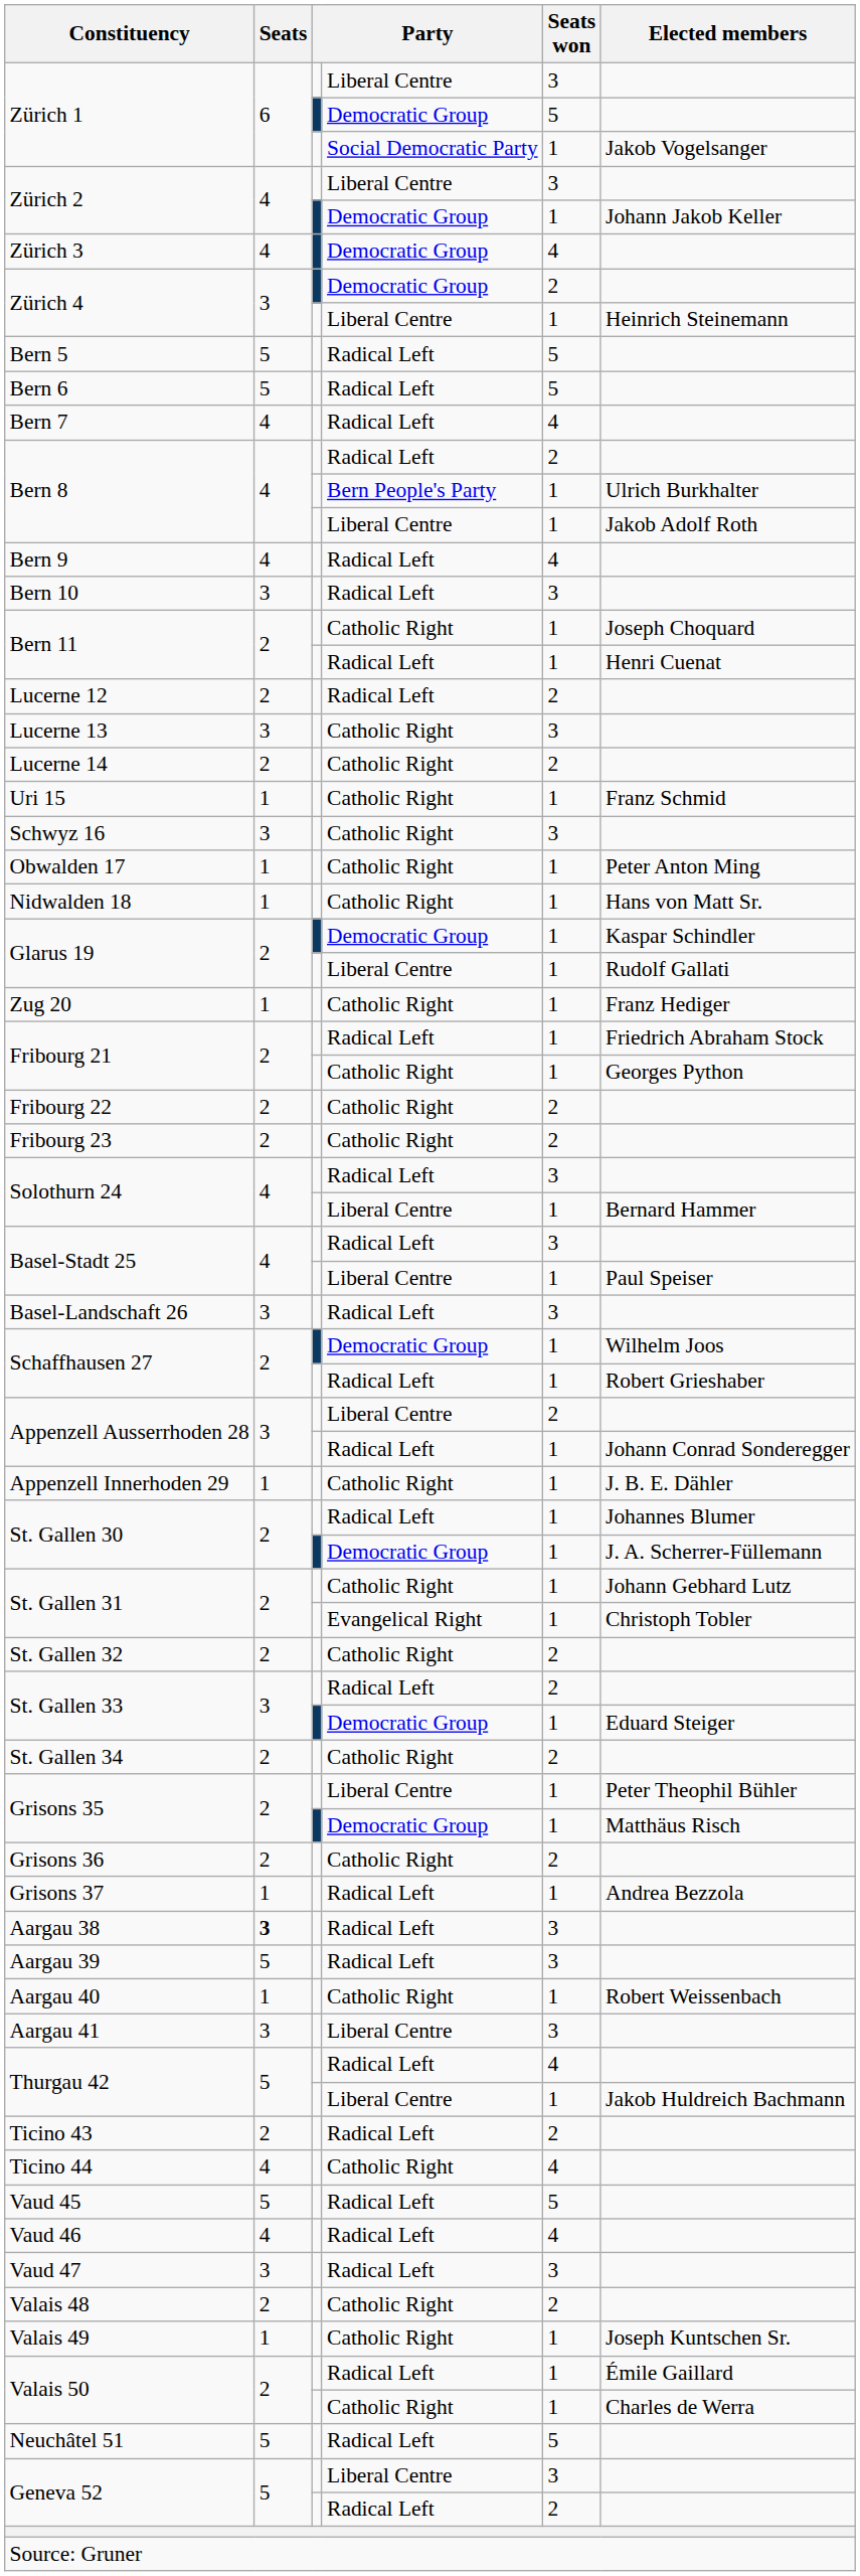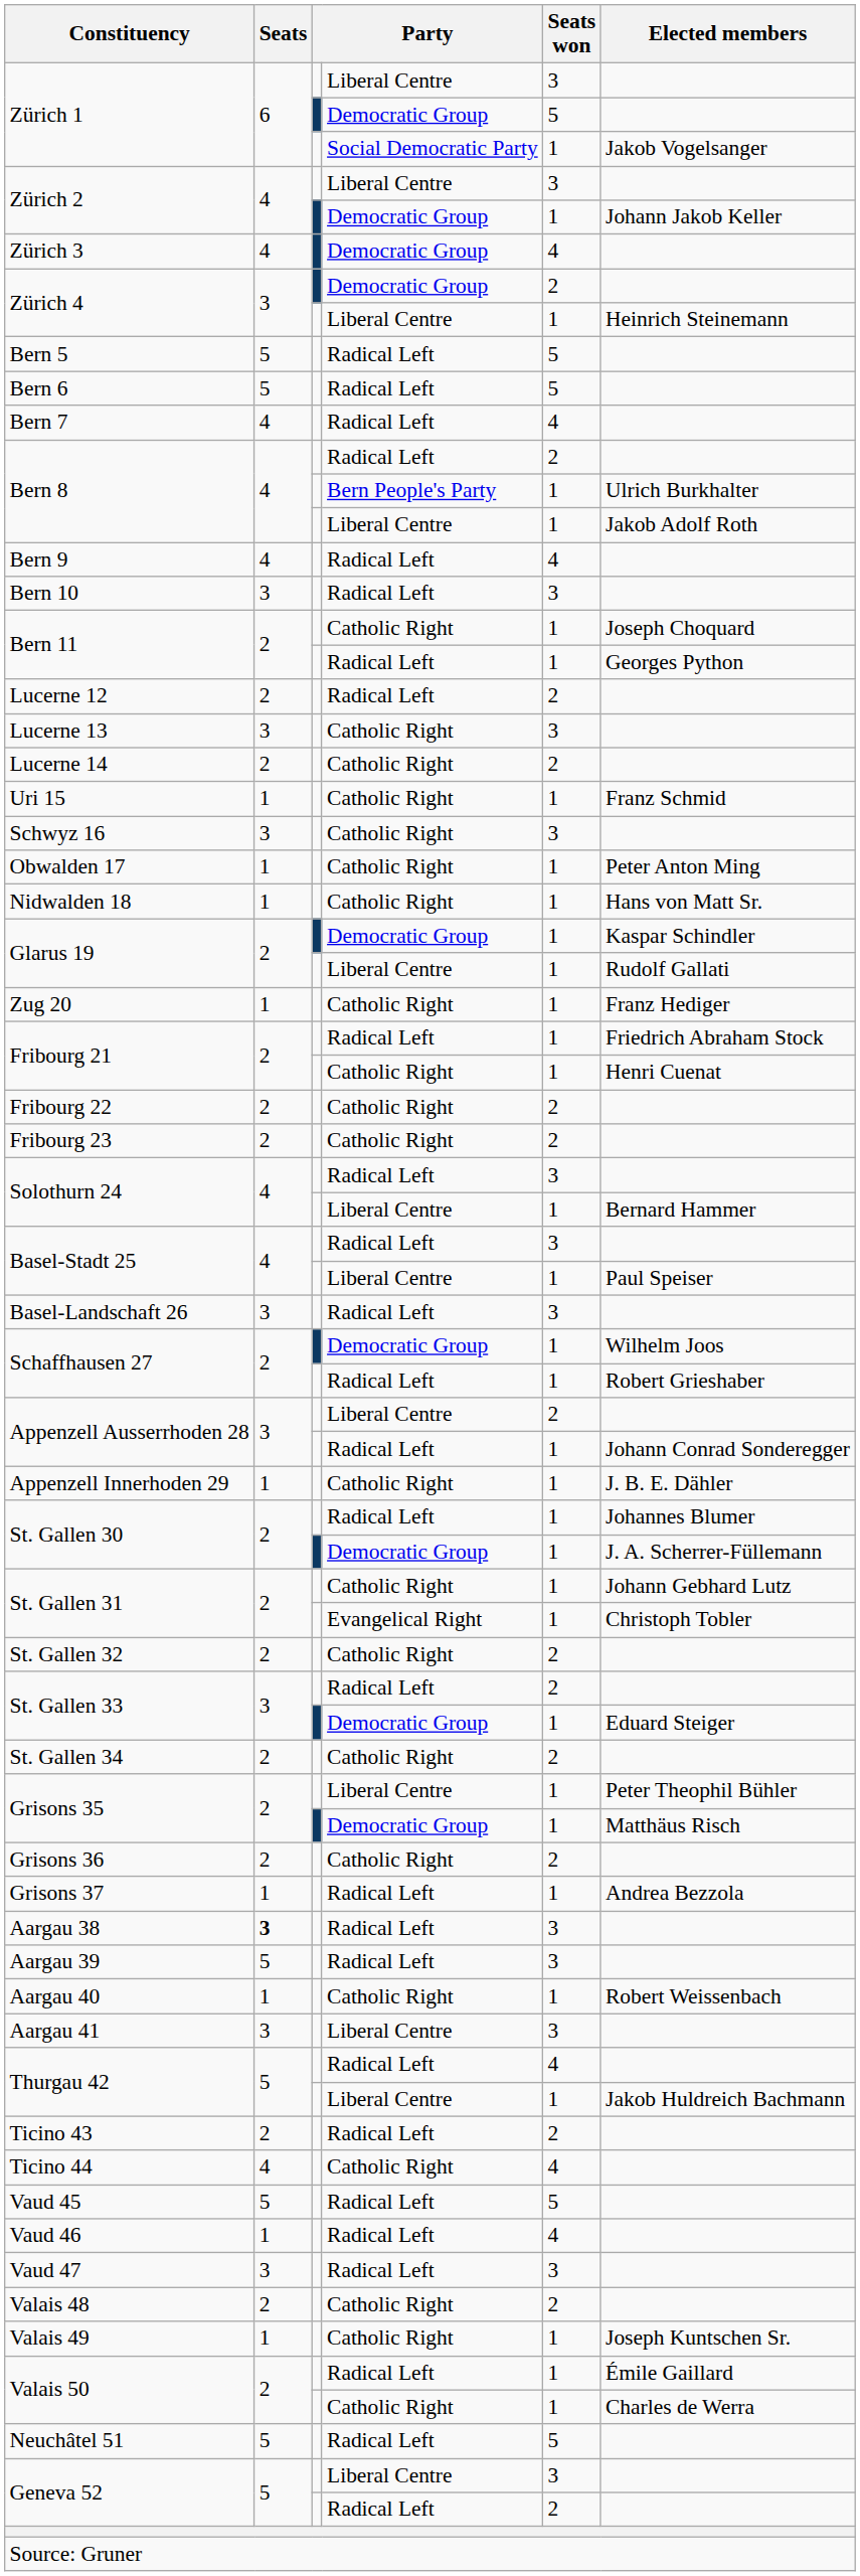 <table class="wikitable">
 <tr>
 <th>Constituency</th>
 <th>Seats</th>
 <th colspan="2">Party</th>
 <th>Seats<br>won</th>
 <th>Elected members</th>
 </tr>
 <tr>
 <td rowspan="3">Zürich 1</td>
 <td rowspan="3">6</td>
 <td style="color:inherit;background:"></td>
 <td>Liberal Centre</td>
 <td>3</td>
 <td></td>
 </tr>
 <tr>
 <td style="color:inherit;background:#0B3861"></td>
 <td><a href='#'>Democratic Group</a></td>
 <td>5</td>
 <td></td>
 </tr>
 <tr>
 <td style="color:inherit;background:"></td>
 <td><a href='#'>Social Democratic Party</a></td>
 <td>1</td>
 <td>Jakob Vogelsanger</td>
 </tr>
 <tr>
 <td rowspan="2">Zürich 2</td>
 <td rowspan="2">4</td>
 <td style="color:inherit;background:"></td>
 <td>Liberal Centre</td>
 <td>3</td>
 <td></td>
 </tr>
 <tr>
 <td style="color:inherit;background:#0B3861"></td>
 <td><a href='#'>Democratic Group</a></td>
 <td>1</td>
 <td>Johann Jakob Keller</td>
 </tr>
 <tr>
 <td>Zürich 3</td>
 <td>4</td>
 <td style="color:inherit;background:#0B3861"></td>
 <td><a href='#'>Democratic Group</a></td>
 <td>4</td>
 <td></td>
 </tr>
 <tr>
 <td rowspan="2">Zürich 4</td>
 <td rowspan="2">3</td>
 <td style="color:inherit;background:#0B3861"></td>
 <td><a href='#'>Democratic Group</a></td>
 <td>2</td>
 <td></td>
 </tr>
 <tr>
 <td style="color:inherit;background:"></td>
 <td>Liberal Centre</td>
 <td>1</td>
 <td>Heinrich Steinemann</td>
 </tr>
 <tr>
 <td>Bern 5</td>
 <td>5</td>
 <td style="color:inherit;background:"></td>
 <td>Radical Left</td>
 <td>5</td>
 <td></td>
 </tr>
 <tr>
 <td>Bern 6</td>
 <td>5</td>
 <td style="color:inherit;background:"></td>
 <td>Radical Left</td>
 <td>5</td>
 <td></td>
 </tr>
 <tr>
 <td>Bern 7</td>
 <td>4</td>
 <td style="color:inherit;background:"></td>
 <td>Radical Left</td>
 <td>4</td>
 <td></td>
 </tr>
 <tr>
 <td rowspan="3">Bern 8</td>
 <td rowspan="3">4</td>
 <td style="color:inherit;background:"></td>
 <td>Radical Left</td>
 <td>2</td>
 <td></td>
 </tr>
 <tr>
 <td style="color:inherit;background:"></td>
 <td><a href='#'>Bern People's Party</a></td>
 <td>1</td>
 <td>Ulrich Burkhalter</td>
 </tr>
 <tr>
 <td style="color:inherit;background:"></td>
 <td>Liberal Centre</td>
 <td>1</td>
 <td>Jakob Adolf Roth</td>
 </tr>
 <tr>
 <td>Bern 9</td>
 <td>4</td>
 <td style="color:inherit;background:"></td>
 <td>Radical Left</td>
 <td>4</td>
 <td></td>
 </tr>
 <tr>
 <td>Bern 10</td>
 <td>3</td>
 <td style="color:inherit;background:"></td>
 <td>Radical Left</td>
 <td>3</td>
 <td></td>
 </tr>
 <tr>
 <td rowspan="2">Bern 11</td>
 <td rowspan="2">2</td>
 <td style="color:inherit;background:"></td>
 <td>Catholic Right</td>
 <td>1</td>
 <td>Joseph Choquard</td>
 </tr>
 <tr>
 <td style="color:inherit;background:"></td>
 <td>Radical Left</td>
 <td>1</td>
-<td>Henri Cuenat</td>
+<td>Georges Python</td>
 </tr>
 <tr>
 <td>Lucerne 12</td>
 <td>2</td>
 <td style="color:inherit;background:"></td>
 <td>Radical Left</td>
 <td>2</td>
 <td></td>
 </tr>
 <tr>
 <td>Lucerne 13</td>
 <td>3</td>
 <td style="color:inherit;background:"></td>
 <td>Catholic Right</td>
 <td>3</td>
 <td></td>
 </tr>
 <tr>
 <td>Lucerne 14</td>
 <td>2</td>
 <td style="color:inherit;background:"></td>
 <td>Catholic Right</td>
 <td>2</td>
 <td></td>
 </tr>
 <tr>
 <td>Uri 15</td>
 <td>1</td>
 <td style="color:inherit;background:"></td>
 <td>Catholic Right</td>
 <td>1</td>
 <td>Franz Schmid</td>
 </tr>
 <tr>
 <td>Schwyz 16</td>
 <td>3</td>
 <td style="color:inherit;background:"></td>
 <td>Catholic Right</td>
 <td>3</td>
 <td></td>
 </tr>
 <tr>
 <td>Obwalden 17</td>
 <td>1</td>
 <td style="color:inherit;background:"></td>
 <td>Catholic Right</td>
 <td>1</td>
 <td>Peter Anton Ming</td>
 </tr>
 <tr>
 <td>Nidwalden 18</td>
 <td>1</td>
 <td style="color:inherit;background:"></td>
 <td>Catholic Right</td>
 <td>1</td>
 <td>Hans von Matt Sr.</td>
 </tr>
 <tr>
 <td rowspan="2">Glarus 19</td>
 <td rowspan="2">2</td>
 <td style="color:inherit;background:#0B3861"></td>
 <td><a href='#'>Democratic Group</a></td>
 <td>1</td>
 <td>Kaspar Schindler</td>
 </tr>
 <tr>
 <td style="color:inherit;background:"></td>
 <td>Liberal Centre</td>
 <td>1</td>
 <td>Rudolf Gallati</td>
 </tr>
 <tr>
 <td>Zug 20</td>
 <td>1</td>
 <td style="color:inherit;background:"></td>
 <td>Catholic Right</td>
 <td>1</td>
 <td>Franz Hediger</td>
 </tr>
 <tr>
 <td rowspan="2">Fribourg 21</td>
 <td rowspan="2">2</td>
 <td style="color:inherit;background:"></td>
 <td>Radical Left</td>
 <td>1</td>
 <td>Friedrich Abraham Stock</td>
 </tr>
 <tr>
 <td style="color:inherit;background:"></td>
 <td>Catholic Right</td>
 <td>1</td>
-<td>Georges Python</td>
+<td>Henri Cuenat</td>
 </tr>
 <tr>
 <td>Fribourg 22</td>
 <td>2</td>
 <td style="color:inherit;background:"></td>
 <td>Catholic Right</td>
 <td>2</td>
 <td></td>
 </tr>
 <tr>
 <td>Fribourg 23</td>
 <td>2</td>
 <td style="color:inherit;background:"></td>
 <td>Catholic Right</td>
 <td>2</td>
 <td></td>
 </tr>
 <tr>
 <td rowspan="2">Solothurn 24</td>
 <td rowspan="2">4</td>
 <td style="color:inherit;background:"></td>
 <td>Radical Left</td>
 <td>3</td>
 <td></td>
 </tr>
 <tr>
 <td style="color:inherit;background:"></td>
 <td>Liberal Centre</td>
 <td>1</td>
 <td>Bernard Hammer</td>
 </tr>
 <tr>
 <td rowspan="2">Basel-Stadt 25</td>
 <td rowspan="2">4</td>
 <td style="color:inherit;background:"></td>
 <td>Radical Left</td>
 <td>3</td>
 <td></td>
 </tr>
 <tr>
 <td style="color:inherit;background:"></td>
 <td>Liberal Centre</td>
 <td>1</td>
 <td>Paul Speiser</td>
 </tr>
 <tr>
 <td>Basel-Landschaft 26</td>
 <td>3</td>
 <td style="color:inherit;background:"></td>
 <td>Radical Left</td>
 <td>3</td>
 <td></td>
 </tr>
 <tr>
 <td rowspan="2">Schaffhausen 27</td>
 <td rowspan="2">2</td>
 <td style="color:inherit;background:#0B3861"></td>
 <td><a href='#'>Democratic Group</a></td>
 <td>1</td>
 <td>Wilhelm Joos</td>
 </tr>
 <tr>
 <td style="color:inherit;background:"></td>
 <td>Radical Left</td>
 <td>1</td>
 <td>Robert Grieshaber</td>
 </tr>
 <tr>
 <td rowspan="2">Appenzell Ausserrhoden 28</td>
 <td rowspan="2">3</td>
 <td style="color:inherit;background:"></td>
 <td>Liberal Centre</td>
 <td>2</td>
 <td></td>
 </tr>
 <tr>
 <td style="color:inherit;background:"></td>
 <td>Radical Left</td>
 <td>1</td>
 <td>Johann Conrad Sonderegger</td>
 </tr>
 <tr>
 <td>Appenzell Innerhoden 29</td>
 <td>1</td>
 <td style="color:inherit;background:"></td>
 <td>Catholic Right</td>
 <td>1</td>
 <td>J. B. E. Dähler</td>
 </tr>
 <tr>
 <td rowspan="2">St. Gallen 30</td>
 <td rowspan="2">2</td>
 <td style="color:inherit;background:"></td>
 <td>Radical Left</td>
 <td>1</td>
 <td>Johannes Blumer</td>
 </tr>
 <tr>
 <td style="color:inherit;background:#0B3861"></td>
 <td><a href='#'>Democratic Group</a></td>
 <td>1</td>
 <td>J. A. Scherrer-Füllemann</td>
 </tr>
 <tr>
 <td rowspan="2">St. Gallen 31</td>
 <td rowspan="2">2</td>
 <td style="color:inherit;background:"></td>
 <td>Catholic Right</td>
 <td>1</td>
 <td>Johann Gebhard Lutz</td>
 </tr>
 <tr>
 <td style="color:inherit;background:"></td>
 <td>Evangelical Right</td>
 <td>1</td>
 <td>Christoph Tobler</td>
 </tr>
 <tr>
 <td>St. Gallen 32</td>
 <td>2</td>
 <td style="color:inherit;background:"></td>
 <td>Catholic Right</td>
 <td>2</td>
 <td></td>
 </tr>
 <tr>
 <td rowspan="2">St. Gallen 33</td>
 <td rowspan="2">3</td>
 <td style="color:inherit;background:"></td>
 <td>Radical Left</td>
 <td>2</td>
 <td></td>
 </tr>
 <tr>
 <td style="color:inherit;background:#0B3861"></td>
 <td><a href='#'>Democratic Group</a></td>
 <td>1</td>
 <td>Eduard Steiger</td>
 </tr>
 <tr>
 <td>St. Gallen 34</td>
 <td>2</td>
 <td style="color:inherit;background:"></td>
 <td>Catholic Right</td>
 <td>2</td>
 <td></td>
 </tr>
 <tr>
 <td rowspan="2">Grisons 35</td>
 <td rowspan="2">2</td>
 <td style="color:inherit;background:"></td>
 <td>Liberal Centre</td>
 <td>1</td>
 <td>Peter Theophil Bühler</td>
 </tr>
 <tr>
 <td style="color:inherit;background:#0B3861"></td>
 <td><a href='#'>Democratic Group</a></td>
 <td>1</td>
 <td>Matthäus Risch</td>
 </tr>
 <tr>
 <td>Grisons 36</td>
 <td>2</td>
 <td style="color:inherit;background:"></td>
 <td>Catholic Right</td>
 <td>2</td>
 <td></td>
 </tr>
 <tr>
 <td>Grisons 37</td>
 <td>1</td>
 <td style="color:inherit;background:"></td>
 <td>Radical Left</td>
 <td>1</td>
 <td>Andrea Bezzola</td>
 </tr>
 <tr>
 <td>Aargau 38</td>
 <td><strong>3</strong></td>
 <td style="color:inherit;background:"></td>
 <td>Radical Left</td>
 <td>3</td>
 <td></td>
 </tr>
 <tr>
 <td>Aargau 39</td>
 <td>5</td>
 <td style="color:inherit;background:"></td>
 <td>Radical Left</td>
 <td>3</td>
 <td></td>
 </tr>
 <tr>
 <td>Aargau 40</td>
 <td>1</td>
 <td style="color:inherit;background:"></td>
 <td>Catholic Right</td>
 <td>1</td>
 <td>Robert Weissenbach</td>
 </tr>
 <tr>
 <td>Aargau 41</td>
 <td>3</td>
 <td style="color:inherit;background:"></td>
 <td>Liberal Centre</td>
 <td>3</td>
 <td></td>
 </tr>
 <tr>
 <td rowspan="2">Thurgau 42</td>
 <td rowspan="2">5</td>
 <td style="color:inherit;background:"></td>
 <td>Radical Left</td>
 <td>4</td>
 <td></td>
 </tr>
 <tr>
 <td style="color:inherit;background:"></td>
 <td>Liberal Centre</td>
 <td>1</td>
 <td>Jakob Huldreich Bachmann</td>
 </tr>
 <tr>
 <td>Ticino 43</td>
 <td>2</td>
 <td style="color:inherit;background:"></td>
 <td>Radical Left</td>
 <td>2</td>
 <td></td>
 </tr>
 <tr>
 <td>Ticino 44</td>
 <td>4</td>
 <td style="color:inherit;background:"></td>
 <td>Catholic Right</td>
 <td>4</td>
 <td></td>
 </tr>
 <tr>
 <td>Vaud 45</td>
 <td>5</td>
 <td style="color:inherit;background:"></td>
 <td>Radical Left</td>
 <td>5</td>
 <td></td>
 </tr>
 <tr>
 <td>Vaud 46</td>
-<td>4</td>
+<td>1</td>
 <td style="color:inherit;background:"></td>
 <td>Radical Left</td>
 <td>4</td>
 <td></td>
 </tr>
 <tr>
 <td>Vaud 47</td>
 <td>3</td>
 <td style="color:inherit;background:"></td>
 <td>Radical Left</td>
 <td>3</td>
 <td></td>
 </tr>
 <tr>
 <td>Valais 48</td>
 <td>2</td>
 <td style="color:inherit;background:"></td>
 <td>Catholic Right</td>
 <td>2</td>
 <td></td>
 </tr>
 <tr>
 <td>Valais 49</td>
 <td>1</td>
 <td style="color:inherit;background:"></td>
 <td>Catholic Right</td>
 <td>1</td>
 <td>Joseph Kuntschen Sr.</td>
 </tr>
 <tr>
 <td rowspan="2">Valais 50</td>
 <td rowspan="2">2</td>
 <td style="color:inherit;background:"></td>
 <td>Radical Left</td>
 <td>1</td>
 <td>Émile Gaillard</td>
 </tr>
 <tr>
 <td style="color:inherit;background:"></td>
 <td>Catholic Right</td>
 <td>1</td>
 <td>Charles de Werra</td>
 </tr>
 <tr>
 <td>Neuchâtel 51</td>
 <td>5</td>
 <td style="color:inherit;background:"></td>
 <td>Radical Left</td>
 <td>5</td>
 <td></td>
 </tr>
 <tr>
 <td rowspan="2">Geneva 52</td>
 <td rowspan="2">5</td>
 <td style="color:inherit;background:"></td>
 <td>Liberal Centre</td>
 <td>3</td>
 <td></td>
 </tr>
 <tr>
 <td style="color:inherit;background:"></td>
 <td>Radical Left</td>
 <td>2</td>
 <td></td>
 </tr>
 <tr>
 <th colspan="6"></th>
 </tr>
 <tr>
 <td colspan="6">Source: Gruner</td>
 </tr>
 </table>
